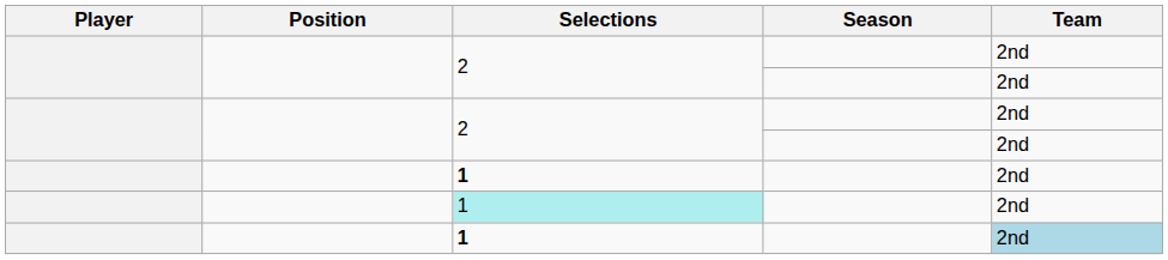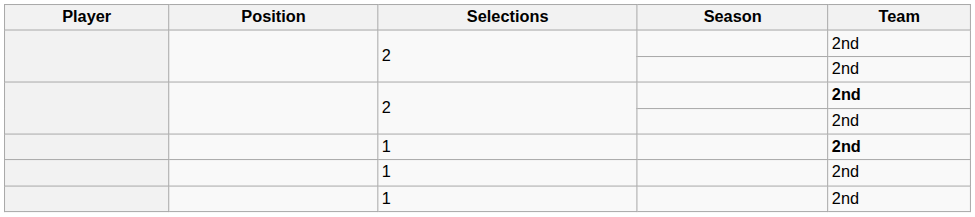 <table class="wikitable sortable" width="75%">
 <tr>
 <th scope="col">Player</th>
 <th scope="col">Position</th>
 <th scope="col">Selections</th>
 <th scope="col">Season</th>
 <th scope="col">Team</th>
 </tr>
 <tr>
 <th scope="row" rowspan="2"></th>
 <td rowspan="2"></td>
 <td rowspan="2">2</td>
 <td></td>
 <td>2nd</td>
 </tr>
 <tr>
 <td></td>
 <td>2nd</td>
 </tr>
 <tr>
 <th scope="row" rowspan="2"></th>
 <td rowspan="2"></td>
 <td rowspan="2">2</td>
 <td></td>
-<td>2nd</td>
+<td><strong>2nd</strong></td>
 </tr>
 <tr>
 <td></td>
 <td>2nd</td>
 </tr>
 <tr>
 <th scope="row"></th>
 <td></td>
-<td><strong>1</strong></td>
+<td>1</td>
+<td></td>
+<td><strong>2nd</strong></td>
+</tr>
+<tr>
+<th scope="row"></th>
+<td></td>
+<td>1</td>
 <td></td>
 <td>2nd</td>
 </tr>
 <tr>
 <th scope="row"></th>
 <td></td>
-<td style="background: paleturquoise;">1</td>
+<td>1</td>
 <td></td>
 <td>2nd</td>
 </tr>
-<tr>
-<th scope="row"></th>
-<td></td>
-<td><strong>1</strong></td>
-<td></td>
-<td style="background: lightblue;">2nd</td>
-</tr>
 </table>
